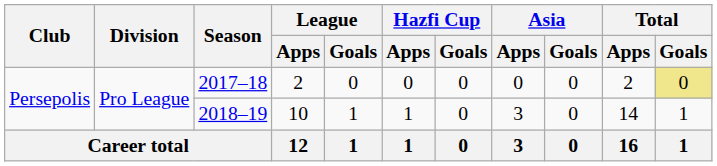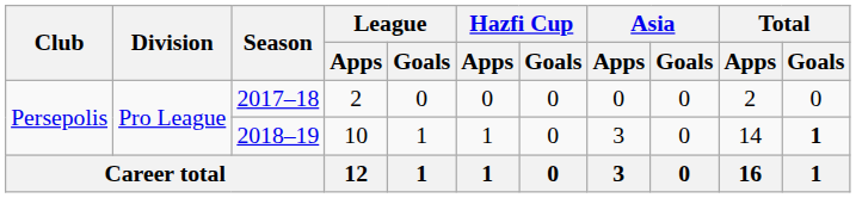 <table class="wikitable" style="text-align: center;">
 <tr>
 <th rowspan="2">Club</th>
 <th rowspan="2">Division</th>
 <th rowspan="2">Season</th>
 <th colspan="2">League</th>
 <th colspan="2"><a href='#'>Hazfi Cup</a></th>
 <th colspan="2"><a href='#'>Asia</a></th>
 <th colspan="2">Total</th>
 </tr>
 <tr>
 <th>Apps</th>
 <th>Goals</th>
 <th>Apps</th>
 <th>Goals</th>
 <th>Apps</th>
 <th>Goals</th>
 <th>Apps</th>
 <th>Goals</th>
 </tr>
 <tr>
 <td rowspan=2><a href='#'>Persepolis</a></td>
 <td rowspan="2"><a href='#'>Pro League</a></td>
 <td><a href='#'>2017–18</a></td>
 <td>2</td>
 <td>0</td>
 <td>0</td>
 <td>0</td>
 <td>0</td>
 <td>0</td>
 <td>2</td>
-<td style="background: khaki;">0</td>
+<td>0</td>
 </tr>
 <tr>
 <td><a href='#'>2018–19</a></td>
 <td>10</td>
 <td>1</td>
 <td>1</td>
 <td>0</td>
 <td>3</td>
 <td>0</td>
 <td>14</td>
-<td>1</td>
+<td><strong>1</strong></td>
 </tr>
 <tr>
 <th colspan=3>Career total</th>
 <th>12</th>
 <th>1</th>
 <th>1</th>
 <th>0</th>
 <th>3</th>
 <th>0</th>
 <th>16</th>
 <th>1</th>
 </tr>
 </table>
